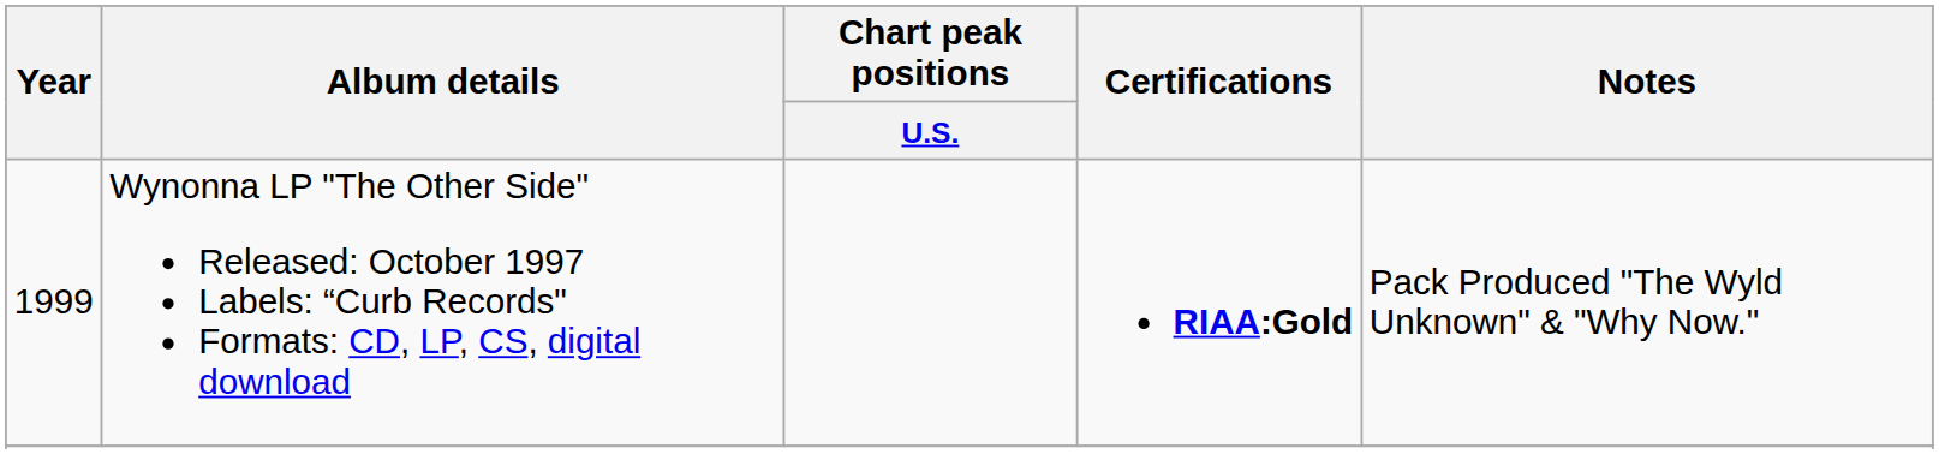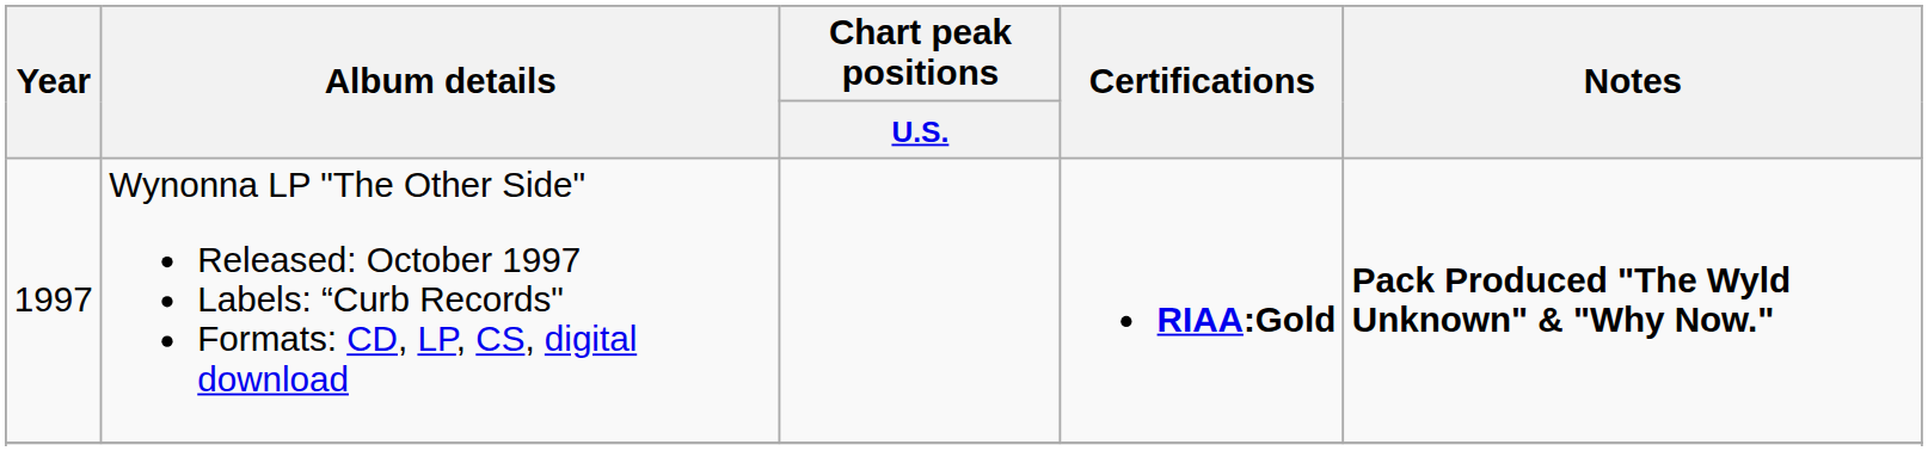 <table class="wikitable" border="1">
 <tr>
 <th rowspan="2">Year</th>
 <th rowspan="2" width="300">Album details</th>
 <th>Chart peak positions</th>
 <th rowspan="2">Certifications</th>
 <th rowspan="2">Notes</th>
 </tr>
 <tr>
 <th><small><a href='#'>U.S.</a></small></th>
 </tr>
 <tr>
-<td>1999</td>
+<td>1997</td>
 <td>Wynonna LP "The Other Side"<br><ul><li>Released: October 1997</li><li>Labels: “Curb Records"</li><li>Formats: <a href='#'>CD</a>, <a href='#'>LP</a>, <a href='#'>CS</a>, <a href='#'>digital download</a></li></ul></td>
 <td align="center"></td>
 <td><strong><br><ul><li><a href='#'>RIAA</a>:Gold</li></ul></strong></td>
-<td align="left">Pack Produced "The Wyld Unknown" & "Why Now."</td>
+<td align="left"><strong>Pack Produced "The Wyld Unknown" & "Why Now."</strong></td>
 </tr>
 <tr>
 </tr>
 <tr>
 </tr>
 </table>
